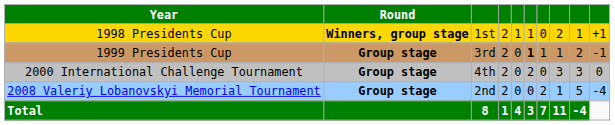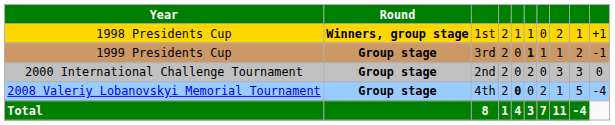 <table class="wikitable" style="text-align:center;">
 <tr>
 <th style="background-color:#008000; color:white; ">Year</th>
 <th style="background-color:#008000; color:white; ">Round</th>
 <th style="background-color:#008000; color:white; "></th>
 <th style="background-color:#008000; color:white; "></th>
 <th style="background-color:#008000; color:white; "></th>
 <th style="background-color:#008000; color:white; "></th>
 <th style="background-color:#008000; color:white; "></th>
 <th style="background-color:#008000; color:white; "></th>
 <th style="background-color:#008000; color:white; "></th>
 <th style="background-color:#008000; color:white; "></th>
 </tr>
 <tr style="background:gold">
 <td> 1998 Presidents Cup</td>
 <td><strong>Winners, group stage</strong></td>
 <td>1st</td>
 <td>2</td>
 <td>1</td>
 <td>1</td>
 <td>0</td>
 <td>2</td>
 <td>1</td>
 <td>+1</td>
 </tr>
 <tr style="background:#c96">
 <td> 1999 Presidents Cup</td>
 <td><strong>Group stage</strong></td>
 <td>3rd</td>
 <td>2</td>
 <td>0</td>
 <td><strong>1</strong></td>
 <td>1</td>
 <td>1</td>
 <td>2</td>
 <td>-1</td>
 </tr>
 <tr style="background:silver">
 <td> 2000 International Challenge Tournament</td>
 <td><strong>Group stage</strong></td>
-<td>4th</td>
+<td>2nd</td>
 <td>2</td>
 <td>0</td>
 <td>2</td>
 <td>0</td>
 <td>3</td>
 <td>3</td>
 <td>0</td>
 </tr>
 <tr style="background:#9acdff">
 <td> <a href='#'>2008 Valeriy Lobanovskyi Memorial Tournament</a></td>
 <td><strong>Group stage</strong></td>
-<td>2nd</td>
+<td>4th</td>
 <td>2</td>
-<td>0</td>
+<td><strong>0</strong></td>
 <td>0</td>
 <td>2</td>
 <td>1</td>
 <td>5</td>
 <td>-4</td>
 </tr>
 <tr>
 <th style="background-color:#008000; text-align:left; color:white; "><strong>Total</strong></th>
 <th style="background-color:#008000; color:white; "></th>
 <th style="background-color:#008000; color:white; ">8</th>
 <th style="background-color:#008000; color:white; ">1</th>
 <th style="background-color:#008000; color:white; ">4</th>
 <th style="background-color:#008000; color:white; ">3</th>
 <th style="background-color:#008000; color:white; ">7</th>
 <th style="background-color:#008000; color:white; ">11</th>
 <th style="background-color:#008000; color:white; ">-4</th>
 </tr>
 </table>
